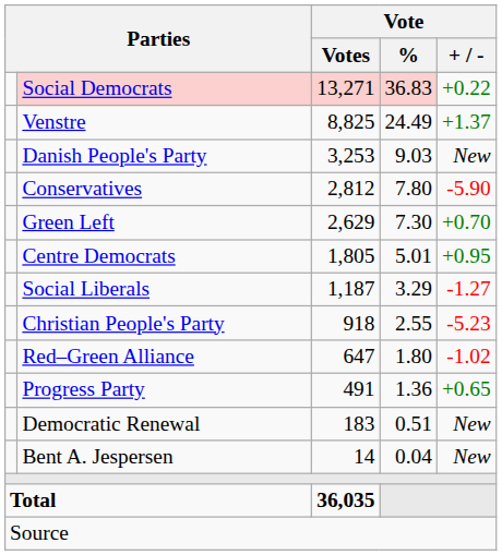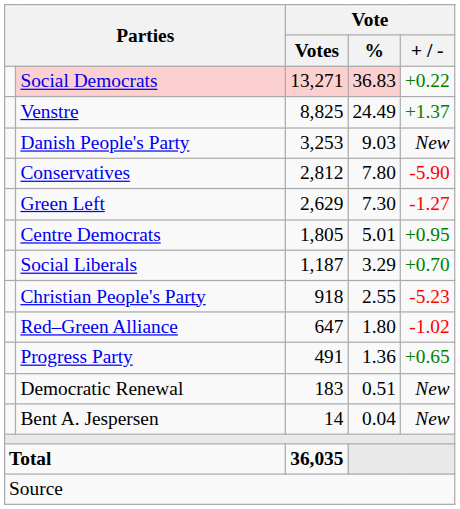 <table class="wikitable" style="text-align:right;">
 <tr>
 <th style="text-align:centre;" rowspan="2" colspan="2" width="225">Parties</th>
 <th colspan="3">Vote</th>
 </tr>
 <tr>
 <th width="15">Votes</th>
 <th width="15">%</th>
 <th width="15">+ / -</th>
 </tr>
 <tr>
 <td width="2" style="color:inherit;background:"></td>
 <td bgcolor=#fbd0ce  align="left"><a href='#'>Social Democrats</a></td>
 <td bgcolor=#fbd0ce>13,271</td>
 <td bgcolor=#fbd0ce>36.83</td>
 <td style=color:green;>+0.22</td>
 </tr>
 <tr>
 <td width="2" style="color:inherit;background:"></td>
 <td align="left"><a href='#'>Venstre</a></td>
 <td>8,825</td>
 <td>24.49</td>
 <td style=color:green;>+1.37</td>
 </tr>
 <tr>
 <td width="2" style="color:inherit;background:"></td>
 <td align="left"><a href='#'>Danish People's Party</a></td>
 <td>3,253</td>
 <td>9.03</td>
 <td><em>New</em></td>
 </tr>
 <tr>
 <td width="2" style="color:inherit;background:"></td>
 <td align="left"><a href='#'>Conservatives</a></td>
 <td>2,812</td>
 <td>7.80</td>
 <td style=color:red;>-5.90</td>
 </tr>
 <tr>
 <td width="2" style="color:inherit;background:"></td>
 <td align="left"><a href='#'>Green Left</a></td>
 <td>2,629</td>
 <td>7.30</td>
-<td style=color:green;>+0.70</td>
+<td style=color:red;>-1.27</td>
 </tr>
 <tr>
 <td width="2" style="color:inherit;background:"></td>
 <td align="left"><a href='#'>Centre Democrats</a></td>
 <td>1,805</td>
 <td>5.01</td>
 <td style=color:green;>+0.95</td>
 </tr>
 <tr>
 <td width="2" style="color:inherit;background:"></td>
 <td align="left"><a href='#'>Social Liberals</a></td>
 <td>1,187</td>
 <td>3.29</td>
-<td style=color:red;>-1.27</td>
+<td style=color:green;>+0.70</td>
 </tr>
 <tr>
 <td width="2" style="color:inherit;background:"></td>
 <td align="left"><a href='#'>Christian People's Party</a></td>
 <td>918</td>
 <td>2.55</td>
 <td style=color:red;>-5.23</td>
 </tr>
 <tr>
 <td width="2" style="color:inherit;background:"></td>
 <td align="left"><a href='#'>Red–Green Alliance</a></td>
 <td>647</td>
 <td>1.80</td>
 <td style=color:red;>-1.02</td>
 </tr>
 <tr>
 <td width="2" style="color:inherit;background:"></td>
 <td align="left"><a href='#'>Progress Party</a></td>
 <td>491</td>
 <td>1.36</td>
 <td style=color:green;>+0.65</td>
 </tr>
 <tr>
 <td width="2" style="color:inherit;background:"></td>
 <td align="left">Democratic Renewal</td>
 <td>183</td>
 <td>0.51</td>
 <td><em>New</em></td>
 </tr>
 <tr>
 <td width="2" style="color:inherit;background:"></td>
 <td align="left">Bent A. Jespersen</td>
 <td>14</td>
 <td>0.04</td>
 <td><em>New</em></td>
 </tr>
 <tr>
 <td colspan="7" bgcolor="#E9E9E9"></td>
 </tr>
 <tr>
 <td align="left" colspan="2"><strong>Total</strong></td>
 <td><strong>36,035</strong></td>
 <td bgcolor="#E9E9E9" colspan="2"></td>
 </tr>
 <tr>
 <td align="left" colspan="6">Source</td>
 </tr>
 </table>
